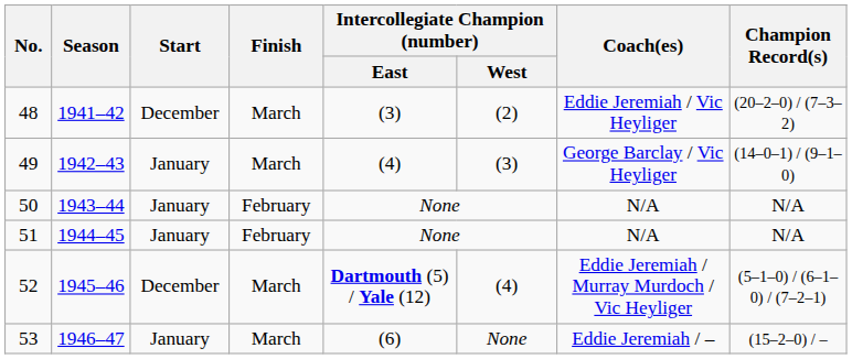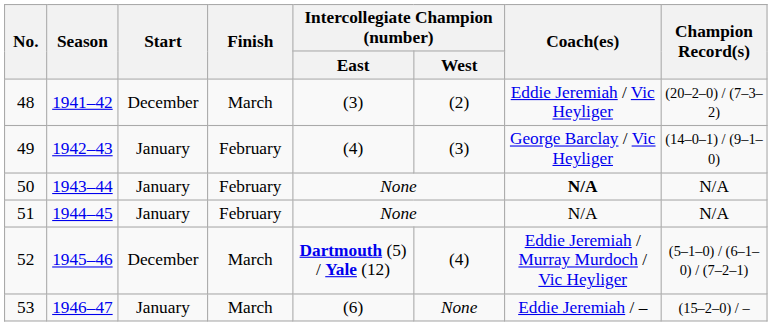 <table class="wikitable" width="80%">
 <tr>
 <th style="width:3em" rowspan=2>No.</th>
 <th style="width:5em" rowspan=2>Season</th>
 <th style="width:6em" rowspan=2>Start</th>
 <th style="width:6em" rowspan=2>Finish</th>
 <th style="width:20em" colspan=2>Intercollegiate Champion (number)</th>
 <th style="width:17em" rowspan=2>Coach(es)</th>
 <th style="width:8em" rowspan=2>Champion Record(s)</th>
 </tr>
 <tr style="text-align:center;">
 <th style="width:10em">East</th>
 <th style="width:10em">West</th>
 </tr>
 <tr style="text-align:center;">
 <td>48 </td>
 <td><a href='#'>1941–42</a></td>
 <td>December</td>
 <td>March</td>
 <td><strong><a href='#'></a></strong> (3)</td>
 <td><strong><a href='#'></a></strong> (2)</td>
 <td><a href='#'>Eddie Jeremiah</a> / <a href='#'>Vic Heyliger</a></td>
 <td><small>(20–2–0) / (7–3–2)</small></td>
 </tr>
 <tr style="text-align:center;">
 <td>49</td>
 <td><a href='#'>1942–43</a></td>
 <td>January</td>
-<td>March</td>
+<td>February</td>
 <td><strong><a href='#'></a></strong> (4)</td>
 <td><strong><a href='#'></a></strong> (3)</td>
 <td><a href='#'>George Barclay</a>  / <a href='#'>Vic Heyliger</a></td>
 <td><small>(14–0–1) / (9–1–0)</small></td>
 </tr>
 <tr style="text-align:center;">
 <td>50</td>
 <td><a href='#'>1943–44</a></td>
 <td>January</td>
 <td>February</td>
 <td colspan=2><em>None</em> </td>
-<td>N/A</td>
+<td><strong>N/A</strong></td>
 <td>N/A</td>
 </tr>
 <tr style="text-align:center;">
 <td>51</td>
 <td><a href='#'>1944–45</a></td>
 <td>January</td>
 <td>February</td>
 <td colspan=2><em>None</em> </td>
 <td>N/A</td>
 <td>N/A</td>
 </tr>
 <tr style="text-align:center;">
 <td>52</td>
 <td><a href='#'>1945–46</a></td>
 <td>December</td>
 <td>March</td>
 <td><strong><a href='#'>Dartmouth</a></strong> (5) / <strong><a href='#'>Yale</a></strong> (12) </td>
 <td><strong><a href='#'></a></strong> (4)</td>
 <td><a href='#'>Eddie Jeremiah</a> / <a href='#'>Murray Murdoch</a> / <a href='#'>Vic Heyliger</a></td>
 <td><small>(5–1–0) / (6–1–0) / (7–2–1)</small></td>
 </tr>
 <tr style="text-align:center;">
 <td>53</td>
 <td><a href='#'>1946–47</a></td>
 <td>January</td>
 <td>March</td>
 <td><strong><a href='#'></a></strong> (6)</td>
 <td><em>None</em> </td>
 <td><a href='#'>Eddie Jeremiah</a> / –</td>
 <td><small>(15–2–0) / –</small></td>
 </tr>
 </table>
